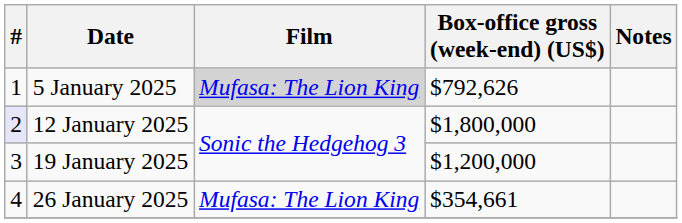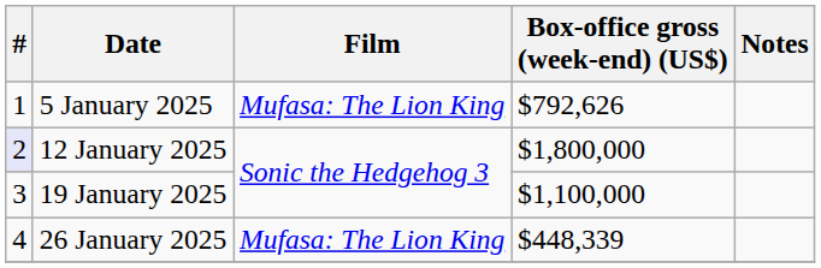 <table class="wikitable sortable">
 <tr>
 <th>#</th>
 <th>Date</th>
 <th>Film</th>
 <th>Box-office gross<br>(week-end) (US$)</th>
 <th>Notes</th>
 </tr>
 <tr>
 <td>1</td>
 <td>5 January 2025</td>
-<td style="background: lightgrey;"><em><a href='#'>Mufasa: The Lion King</a></em></td>
+<td><em><a href='#'>Mufasa: The Lion King</a></em></td>
 <td>$792,626</td>
 <td></td>
 </tr>
 <tr>
 <td style="background: lavender;">2</td>
 <td>12 January 2025</td>
 <td rowspan=2><em><a href='#'>Sonic the Hedgehog 3</a></em></td>
 <td>$1,800,000</td>
 <td></td>
 </tr>
 <tr>
 <td>3</td>
 <td>19 January 2025</td>
-<td>$1,200,000</td>
+<td>$1,100,000</td>
 <td></td>
 </tr>
 <tr>
 <td>4</td>
 <td>26 January 2025</td>
 <td><em><a href='#'>Mufasa: The Lion King</a></em></td>
-<td>$354,661</td>
+<td>$448,339</td>
 <td></td>
 </tr>
 <tr>
 </tr>
 </table>
